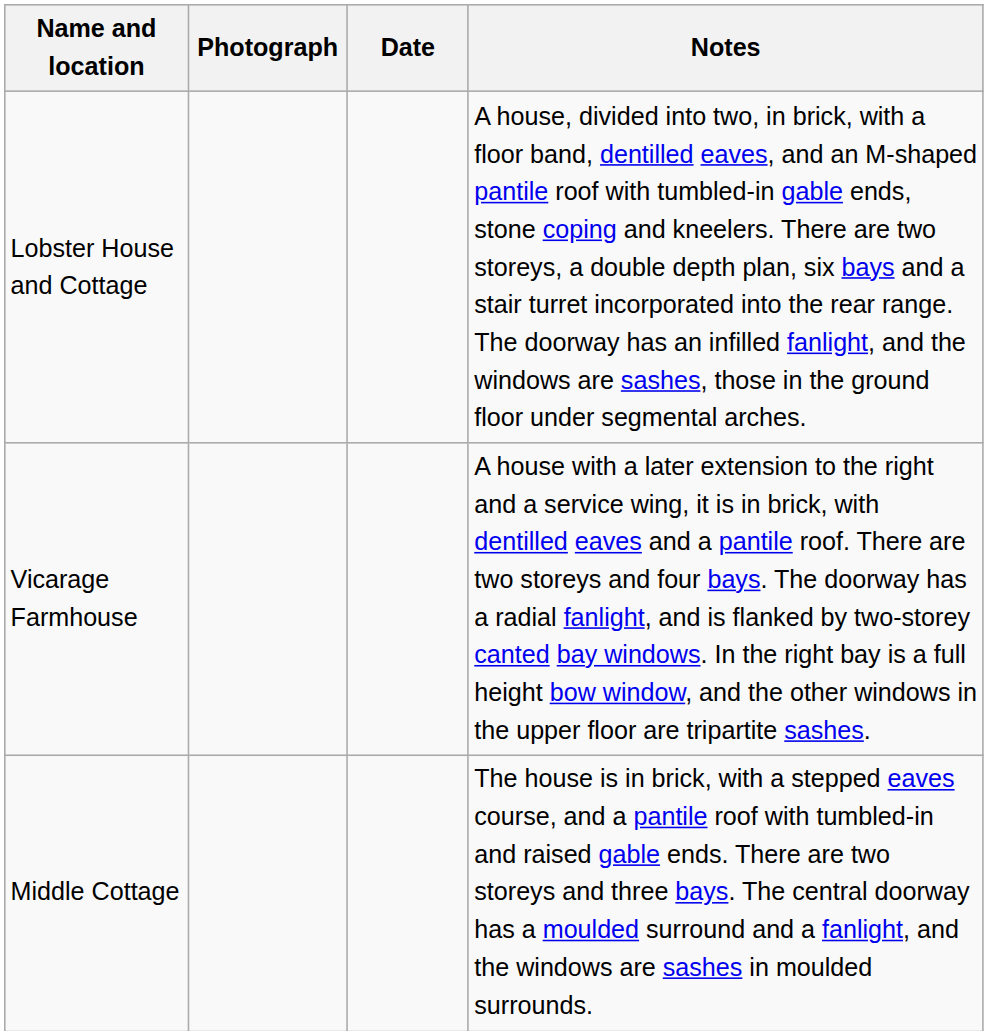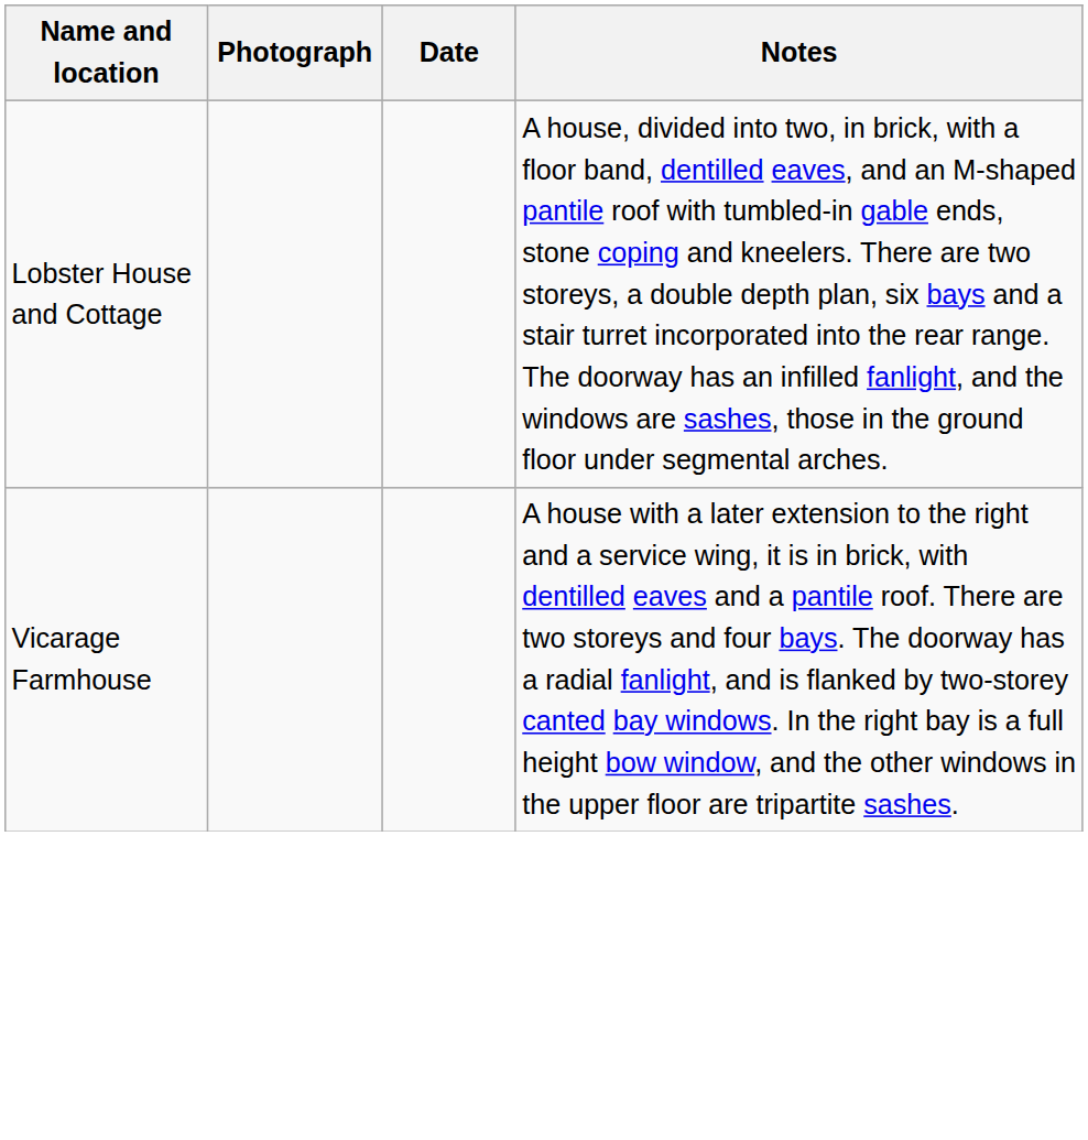 <table class="wikitable sortable plainrowheaders" style="width:100%;border:0px;text-align:left;line-height:150%;">
 <tr>
 <th scope="col"  style="width:150px">Name and location</th>
 <th scope="col"  style="width:100px" class="unsortable">Photograph</th>
 <th scope="col"  style="width:120px">Date</th>
 <th scope="col"  style="width:650px" class="unsortable">Notes</th>
 </tr>
 <tr>
 <td>Lobster House and Cottage<br><small></small></td>
 <td></td>
 <td align="center"></td>
 <td>A house, divided into two, in brick, with a floor band, <a href='#'>dentilled</a> <a href='#'>eaves</a>, and an M-shaped <a href='#'>pantile</a> roof with tumbled-in <a href='#'>gable</a> ends, stone <a href='#'>coping</a> and kneelers.  There are two storeys, a double depth plan, six <a href='#'>bays</a> and a stair turret incorporated into the rear range.  The doorway has an infilled <a href='#'>fanlight</a>, and the windows are <a href='#'>sashes</a>, those in the ground floor under segmental arches.</td>
 </tr>
 <tr>
 <td>Vicarage Farmhouse<br><small></small></td>
 <td></td>
 <td align="center"></td>
 <td>A house with a later extension to the right and a service wing, it is in brick, with <a href='#'>dentilled</a> <a href='#'>eaves</a> and a <a href='#'>pantile</a> roof.  There are two storeys and four <a href='#'>bays</a>.  The doorway has a radial <a href='#'>fanlight</a>, and is flanked by two-storey <a href='#'>canted</a> <a href='#'>bay windows</a>.  In the right bay is a full height <a href='#'>bow window</a>, and the other windows in the upper floor are tripartite <a href='#'>sashes</a>.</td>
 </tr>
 <tr>
-<td>Middle Cottage<br><small></small></td>
-<td></td>
-<td align="center"></td>
-<td>The house is in brick, with a stepped <a href='#'>eaves</a> course, and a <a href='#'>pantile</a> roof with tumbled-in and raised <a href='#'>gable</a> ends. There are two storeys and three <a href='#'>bays</a>.  The central doorway has a <a href='#'>moulded</a> surround and a <a href='#'>fanlight</a>, and the windows are <a href='#'>sashes</a> in moulded surrounds.</td>
-</tr>
-<tr>
 </tr>
 </table>
